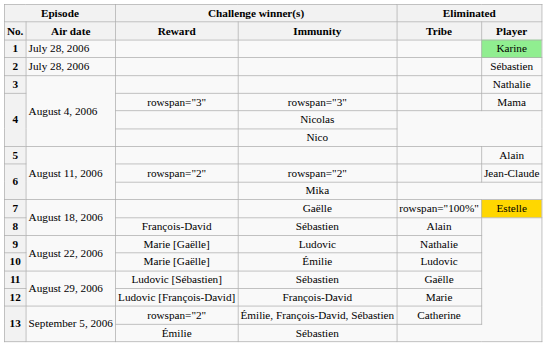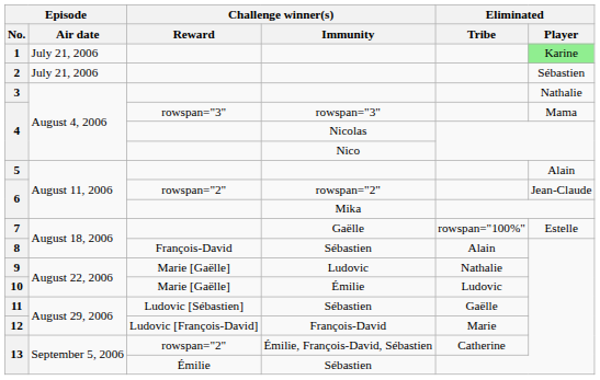 <table class="wikitable unsortable" style="text-align:center;">
 <tr>
 <th colspan="2" scope="col">Episode</th>
 <th colspan="2" scope="col">Challenge winner(s)</th>
 <th colspan="2" scope="col">Eliminated</th>
 </tr>
 <tr>
 <th scope="col">No.</th>
 <th scope="col">Air date</th>
 <th scope="col">Reward</th>
 <th scope="col">Immunity</th>
 <th scope="col">Tribe</th>
 <th scope="col">Player</th>
 </tr>
 <tr>
 <th scope="row">1</th>
-<td align="left">July 28, 2006</td>
+<td align="left">July 21, 2006</td>
 <td></td>
 <td></td>
 <td></td>
 <td style="background: lightgreen;">Karine</td>
 </tr>
 <tr>
 <th scope="row">2</th>
-<td align="left">July 28, 2006</td>
+<td align="left">July 21, 2006</td>
 <td></td>
 <td></td>
 <td></td>
 <td>Sébastien</td>
 </tr>
 <tr>
 <th scope="row">3</th>
 <td rowspan="4" align="left">August 4, 2006</td>
 <td></td>
 <td></td>
 <td></td>
 <td>Nathalie</td>
 </tr>
 <tr>
 <th rowspan="3" scope="row">4</th>
 <td>rowspan="3" </td>
 <td>rowspan="3" </td>
 <td></td>
 <td>Mama</td>
 </tr>
 <tr>
 <td></td>
 <td>Nicolas</td>
 </tr>
 <tr>
 <td></td>
 <td>Nico</td>
 </tr>
 <tr>
 <th scope="row">5</th>
 <td rowspan="3" align="left">August 11, 2006</td>
 <td></td>
 <td></td>
 <td></td>
 <td>Alain</td>
 </tr>
 <tr>
 <th rowspan="2" scope="row">6</th>
 <td>rowspan="2" </td>
 <td>rowspan="2" </td>
 <td></td>
 <td>Jean-Claude</td>
 </tr>
 <tr>
 <td></td>
 <td>Mika</td>
 </tr>
 <tr>
 <th scope="row">7</th>
 <td rowspan="2" align="left">August 18, 2006</td>
 <td></td>
 <td>Gaëlle</td>
 <td>rowspan="100%" </td>
-<td style="background: gold;">Estelle</td>
+<td>Estelle</td>
 </tr>
 <tr>
 <th scope="row">8</th>
 <td>François-David</td>
 <td>Sébastien</td>
 <td>Alain</td>
 </tr>
 <tr>
 <th scope="row">9</th>
 <td rowspan="2" align="left">August 22, 2006</td>
 <td>Marie [Gaëlle]</td>
 <td>Ludovic</td>
 <td>Nathalie</td>
 </tr>
 <tr>
 <th scope="row">10</th>
 <td>Marie [Gaëlle]</td>
 <td>Émilie</td>
 <td>Ludovic</td>
 </tr>
 <tr>
 <th scope="row">11</th>
 <td rowspan="2" align="left">August 29, 2006</td>
 <td>Ludovic [Sébastien]</td>
 <td>Sébastien</td>
 <td>Gaëlle</td>
 </tr>
 <tr>
 <th scope="row">12</th>
 <td>Ludovic [François-David]</td>
 <td>François-David</td>
 <td>Marie</td>
 </tr>
 <tr>
 <th rowspan="2" scope="row">13</th>
 <td rowspan="2" align="left">September 5, 2006</td>
 <td>rowspan="2" </td>
 <td>Émilie, François-David, Sébastien</td>
 <td>Catherine</td>
 </tr>
 <tr>
 <td>Émilie</td>
 <td>Sébastien</td>
 </tr>
 </table>
